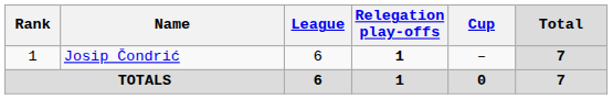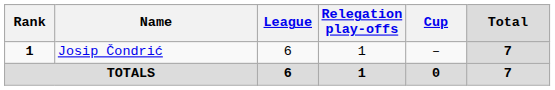 <table class="wikitable" style="font-size: 95%; text-align: center;">
 <tr>
 <th width=40>Rank</th>
 <th width=180>Name</th>
 <th width=50><a href='#'>League</a></th>
 <th width=50><a href='#'>Relegation play-offs</a></th>
 <th width=50><a href='#'>Cup</a></th>
 <th width=70 style="background: #DCDCDC">Total</th>
 </tr>
 <tr>
-<td rowspan=1>1</td>
+<td rowspan=1><strong>1</strong></td>
 <td style="text-align:left;"> <a href='#'>Josip Čondrić</a></td>
 <td>6</td>
-<td><strong>1</strong></td>
+<td>1</td>
 <td>–</td>
 <th style="background: #DCDCDC">7</th>
 </tr>
 <tr>
 <th colspan="2" align="center" style="background: #DCDCDC">TOTALS</th>
 <th style="background: #DCDCDC">6</th>
 <th style="background: #DCDCDC">1</th>
 <th style="background: #DCDCDC">0</th>
 <th style="background: #DCDCDC">7</th>
 </tr>
 </table>
